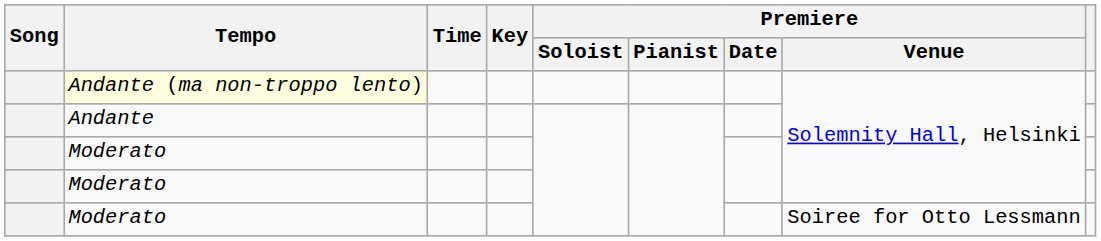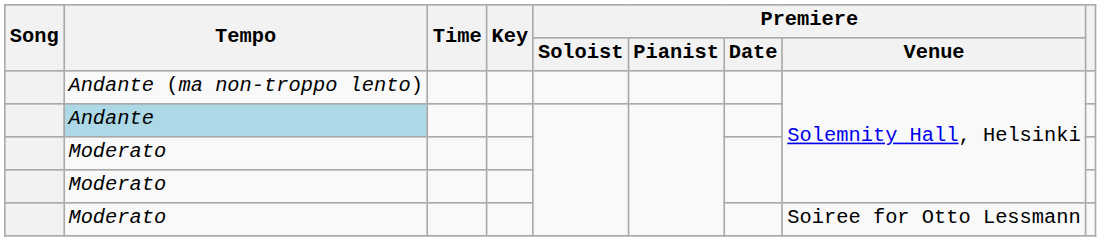 <table class="wikitable" style="margin-right:0; font-size:95%">
 <tr>
 <th rowspan=2 scope="col">Song</th>
 <th rowspan=2 scope="col">Tempo</th>
 <th rowspan=2 scope="col">Time</th>
 <th rowspan=2 scope="col">Key</th>
 <th colspan=4 scope="col">Premiere</th>
 <th rowspan=2 scope="col"></th>
 </tr>
 <tr>
 <th scope="col">Soloist</th>
 <th scope="col">Pianist</th>
 <th scope="col">Date</th>
 <th scope="col">Venue</th>
 </tr>
 <tr>
 <th scope="row"></th>
-<td style="background: lightyellow;"><em>Andante</em> (<em>ma non-troppo lento</em>)</td>
+<td><em>Andante</em> (<em>ma non-troppo lento</em>)</td>
 <td></td>
 <td></td>
 <td></td>
 <td></td>
 <td></td>
 <td rowspan=4><a href='#'>Solemnity Hall</a>, Helsinki</td>
 <td></td>
 </tr>
 <tr>
 <th scope="row"></th>
-<td><em>Andante</em></td>
+<td style="background: lightblue;"><em>Andante</em></td>
 <td></td>
 <td></td>
 <td rowspan=4></td>
 <td rowspan=4></td>
 <td></td>
 <td></td>
 </tr>
 <tr>
 <th scope="row"></th>
 <td><em>Moderato</em></td>
 <td></td>
 <td></td>
 <td rowspan=2></td>
 <td></td>
 </tr>
 <tr>
 <th scope="row"></th>
 <td><em>Moderato</em></td>
 <td></td>
 <td></td>
 <td></td>
 </tr>
 <tr>
 <th scope="row"></th>
 <td><em>Moderato</em></td>
 <td></td>
 <td></td>
 <td></td>
 <td>Soiree for Otto Lessmann</td>
 <td></td>
 </tr>
 </table>
